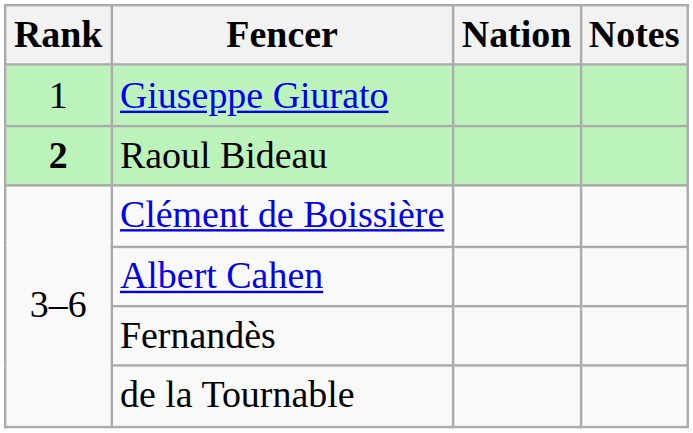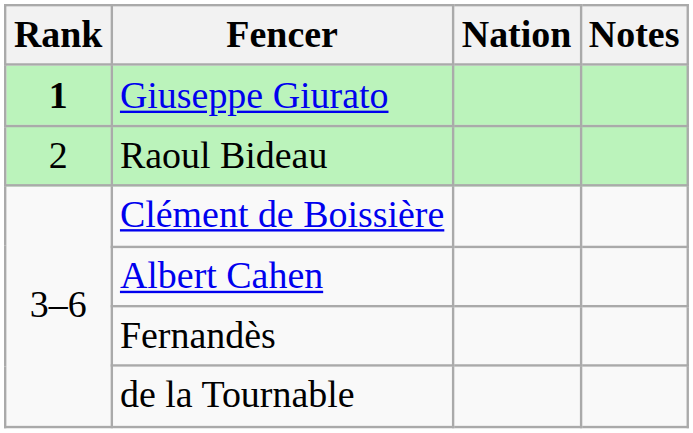 <table class="wikitable sortable" style="text-align:center">
 <tr>
 <th>Rank</th>
 <th>Fencer</th>
 <th>Nation</th>
 <th>Notes</th>
 </tr>
 <tr bgcolor=bbf3bb>
-<td>1</td>
+<td><strong>1</strong></td>
 <td align=left><a href='#'>Giuseppe Giurato</a></td>
 <td align=left></td>
 <td></td>
 </tr>
 <tr bgcolor=bbf3bb>
-<td><strong>2</strong></td>
+<td>2</td>
 <td align=left>Raoul Bideau</td>
 <td align=left></td>
 <td></td>
 </tr>
 <tr>
 <td rowspan=4 align=center>3–6</td>
 <td align=left><a href='#'>Clément de Boissière</a></td>
 <td align=left></td>
 <td></td>
 </tr>
 <tr>
 <td align=left><a href='#'>Albert Cahen</a></td>
 <td align=left></td>
 <td></td>
 </tr>
 <tr>
 <td align=left>Fernandès</td>
 <td align=left></td>
 <td></td>
 </tr>
 <tr>
 <td align=left>de la Tournable</td>
 <td align=left></td>
 <td></td>
 </tr>
 </table>
